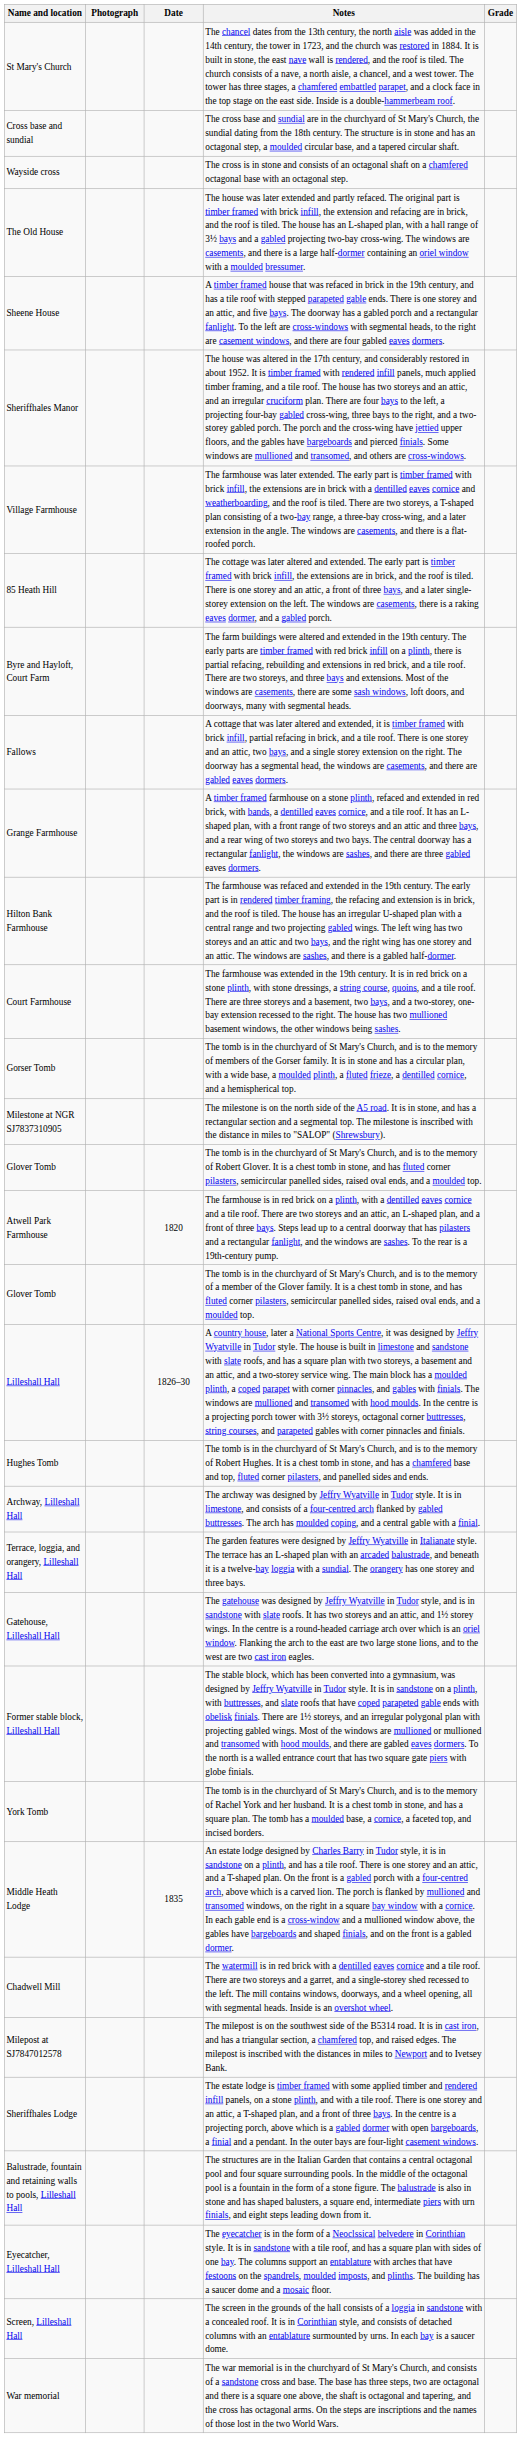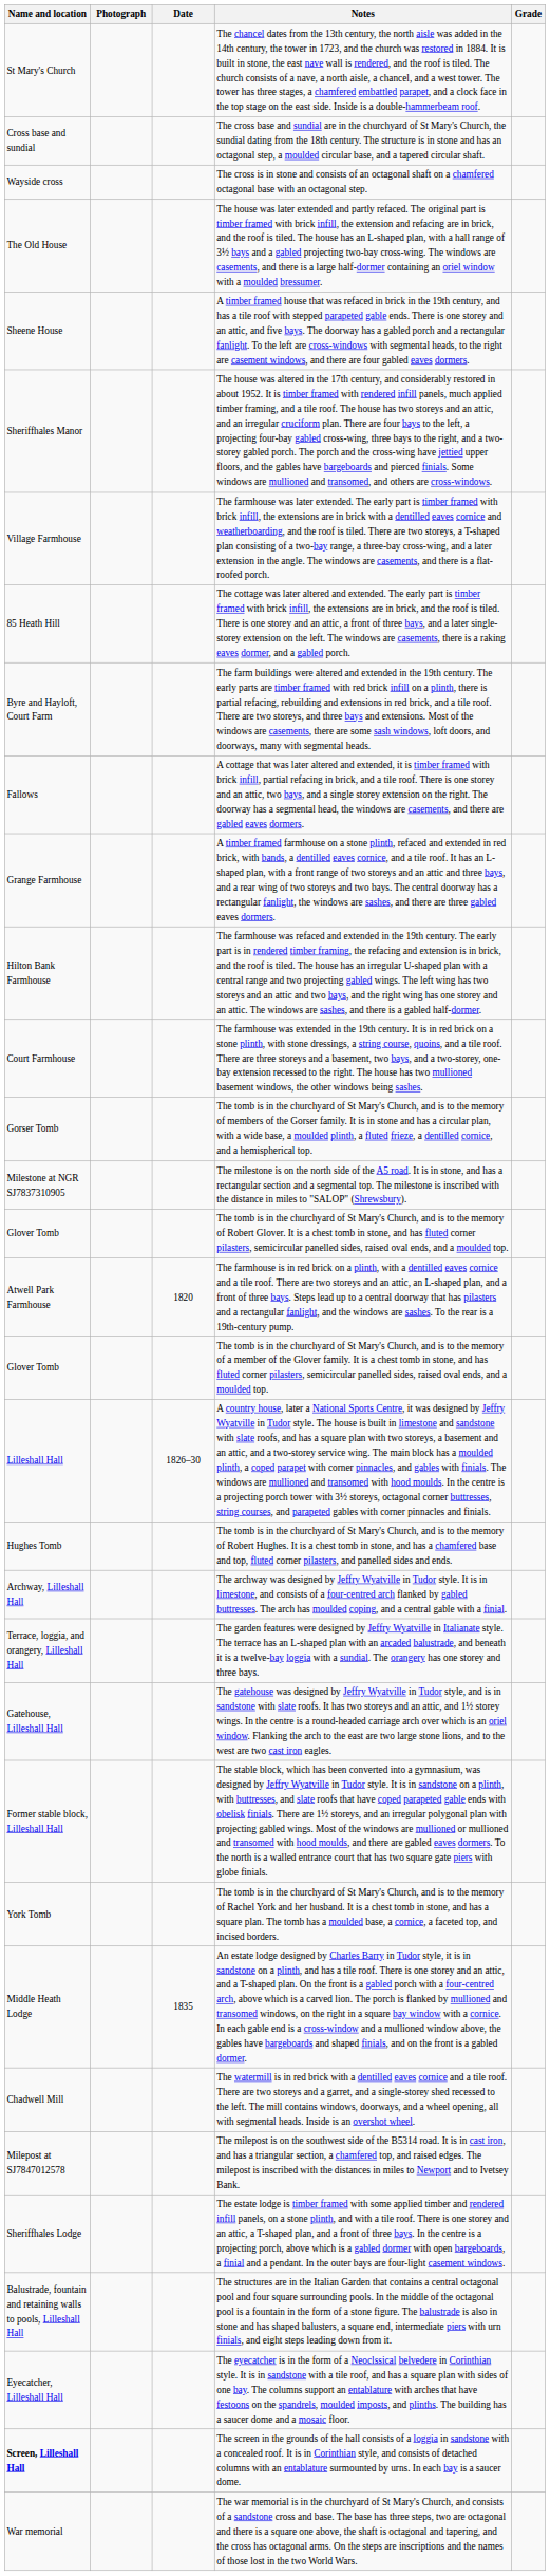 <table class="wikitable sortable plainrowheaders" style="width:100%; border:0; text-align:left; line-height:150%;">
 <tr>
 <th scope="col"  style="width:150px">Name and location</th>
 <th scope="col"  style="width:100px" class="unsortable">Photograph</th>
 <th scope="col"  style="width:120px">Date</th>
 <th scope="col"  style="width:650px" class="unsortable">Notes</th>
 <th scope="col"  style="width:50px">Grade</th>
 </tr>
 <tr>
 <td>St Mary's Church<br><small></small></td>
 <td></td>
 <td align="center"></td>
 <td>The <a href='#'>chancel</a> dates from the 13th century, the north <a href='#'>aisle</a> was added in the 14th century, the tower in 1723, and the church was <a href='#'>restored</a> in 1884. It is built in stone, the east <a href='#'>nave</a> wall is <a href='#'>rendered</a>, and the roof is tiled.  The church consists of a nave, a north aisle, a chancel, and a west tower.  The tower has three stages, a <a href='#'>chamfered</a> <a href='#'>embattled</a> <a href='#'>parapet</a>, and a clock face in the top stage on the east side.  Inside is a double-<a href='#'>hammerbeam roof</a>.</td>
 <td align="center" ></td>
 </tr>
 <tr>
 <td>Cross base and sundial<br><small></small></td>
 <td></td>
 <td align="center"></td>
 <td>The cross base and <a href='#'>sundial</a> are in the churchyard of St Mary's Church, the sundial dating from the 18th century.  The structure is in stone and has an octagonal step, a <a href='#'>moulded</a> circular base, and a tapered circular shaft.</td>
 <td align="center" ></td>
 </tr>
 <tr>
 <td>Wayside cross<br><small></small></td>
 <td></td>
 <td align="center"></td>
 <td>The cross is in stone and consists of an octagonal shaft on a <a href='#'>chamfered</a> octagonal base with an octagonal step.</td>
 <td align="center" ></td>
 </tr>
 <tr>
 <td>The Old House<br><small></small></td>
 <td></td>
 <td align="center"></td>
 <td>The house was later extended and partly refaced.  The original part is <a href='#'>timber framed</a> with brick <a href='#'>infill</a>, the extension and refacing are in brick, and the roof is tiled.  The house has an L-shaped plan, with a hall range of 3½ <a href='#'>bays</a> and a <a href='#'>gabled</a> projecting two-bay cross-wing.  The windows are <a href='#'>casements</a>, and there is a large half-<a href='#'>dormer</a> containing an <a href='#'>oriel window</a> with a <a href='#'>moulded</a> <a href='#'>bressumer</a>.</td>
 <td align="center" ></td>
 </tr>
 <tr>
 <td>Sheene House<br><small></small></td>
 <td></td>
 <td align="center"></td>
 <td>A <a href='#'>timber framed</a> house that was refaced in brick in the 19th century, and has a tile roof with stepped <a href='#'>parapeted</a> <a href='#'>gable</a> ends.  There is one storey and an attic, and five <a href='#'>bays</a>.  The doorway has a gabled porch and a rectangular <a href='#'>fanlight</a>.  To the left are <a href='#'>cross-windows</a> with segmental heads, to the right are <a href='#'>casement windows</a>, and there are four gabled <a href='#'>eaves</a> <a href='#'>dormers</a>.</td>
 <td align="center" ></td>
 </tr>
 <tr>
 <td>Sheriffhales Manor<br><small></small></td>
 <td></td>
 <td align="center"></td>
 <td>The house was altered in the 17th century, and considerably restored in about 1952.  It is <a href='#'>timber framed</a> with <a href='#'>rendered</a> <a href='#'>infill</a> panels, much applied timber framing, and a tile roof.  The house has two storeys and an attic, and an irregular <a href='#'>cruciform</a> plan.  There are four <a href='#'>bays</a> to the left, a projecting four-bay <a href='#'>gabled</a> cross-wing, three bays to the right, and a two-storey gabled porch.  The porch and the cross-wing have <a href='#'>jettied</a> upper floors, and the gables have <a href='#'>bargeboards</a> and pierced <a href='#'>finials</a>.  Some windows are <a href='#'>mullioned</a> and <a href='#'>transomed</a>, and others are <a href='#'>cross-windows</a>.</td>
 <td align="center" ></td>
 </tr>
 <tr>
 <td>Village Farmhouse<br><small></small></td>
 <td></td>
 <td align="center"></td>
 <td>The farmhouse was later extended.  The early part is <a href='#'>timber framed</a> with brick <a href='#'>infill</a>, the extensions are in brick with a <a href='#'>dentilled</a> <a href='#'>eaves</a> <a href='#'>cornice</a> and <a href='#'>weatherboarding</a>, and the roof is tiled.  There are two storeys, a T-shaped plan consisting of a two-<a href='#'>bay</a> range, a three-bay cross-wing, and a later extension in the angle.  The windows are <a href='#'>casements</a>, and there is a flat-roofed porch.</td>
 <td align="center" ></td>
 </tr>
 <tr>
 <td>85 Heath Hill<br><small></small></td>
 <td></td>
 <td align="center"></td>
 <td>The cottage was later altered and extended.  The early part is <a href='#'>timber framed</a> with brick <a href='#'>infill</a>, the extensions are in brick, and the roof is tiled.  There is one storey and an attic, a front of three <a href='#'>bays</a>, and a later single-storey extension on the left.  The windows are <a href='#'>casements</a>, there is a raking <a href='#'>eaves</a> <a href='#'>dormer</a>, and a <a href='#'>gabled</a> porch.</td>
 <td align="center" ></td>
 </tr>
 <tr>
 <td>Byre and Hayloft, Court Farm<br><small></small></td>
 <td></td>
 <td align="center"></td>
 <td>The farm buildings were altered and extended in the 19th century.  The early parts are <a href='#'>timber framed</a> with red brick <a href='#'>infill</a> on a <a href='#'>plinth</a>, there is partial refacing, rebuilding and extensions in red brick, and a tile roof.  There are two storeys, and three <a href='#'>bays</a> and extensions.  Most of the windows are <a href='#'>casements</a>, there are some <a href='#'>sash windows</a>, loft doors, and doorways, many with segmental heads.</td>
 <td align="center" ></td>
 </tr>
 <tr>
 <td>Fallows<br><small></small></td>
 <td></td>
 <td align="center"></td>
 <td>A cottage that was later altered and extended, it is <a href='#'>timber framed</a> with brick <a href='#'>infill</a>, partial refacing in brick, and a tile roof.  There is one storey and an attic, two <a href='#'>bays</a>, and a single storey extension on the right.  The doorway has a segmental head, the windows are <a href='#'>casements</a>, and there are <a href='#'>gabled</a> <a href='#'>eaves</a> <a href='#'>dormers</a>.</td>
 <td align="center" ></td>
 </tr>
 <tr>
 <td>Grange Farmhouse<br><small></small></td>
 <td></td>
 <td align="center"></td>
 <td>A <a href='#'>timber framed</a> farmhouse on a stone <a href='#'>plinth</a>, refaced and extended in red brick, with <a href='#'>bands</a>, a <a href='#'>dentilled</a> <a href='#'>eaves</a> <a href='#'>cornice</a>, and a tile roof.  It has an L-shaped plan, with a front range of two storeys and an attic and three <a href='#'>bays</a>, and a rear wing of two storeys and two bays.  The central doorway has a rectangular <a href='#'>fanlight</a>, the windows are <a href='#'>sashes</a>, and there are three <a href='#'>gabled</a> eaves <a href='#'>dormers</a>.</td>
 <td align="center" ></td>
 </tr>
 <tr>
 <td>Hilton Bank Farmhouse<br><small></small></td>
 <td></td>
 <td align="center"></td>
 <td>The farmhouse was refaced and extended in the 19th century.  The early part is in <a href='#'>rendered</a> <a href='#'>timber framing</a>, the refacing and extension is in brick, and the roof is tiled.  The house has an irregular U-shaped plan with a central range and two projecting <a href='#'>gabled</a> wings.  The left wing has two storeys and an attic and two <a href='#'>bays</a>, and the right wing has one storey and an attic.  The windows are <a href='#'>sashes</a>, and there is a gabled half-<a href='#'>dormer</a>.</td>
 <td align="center" ></td>
 </tr>
 <tr>
 <td>Court Farmhouse<br><small></small></td>
 <td></td>
 <td align="center"></td>
 <td>The farmhouse was extended in the 19th century.  It is in red brick on a stone <a href='#'>plinth</a>, with stone dressings, a <a href='#'>string course</a>, <a href='#'>quoins</a>, and a tile roof.  There are three storeys and a basement, two <a href='#'>bays</a>, and a two-storey, one-bay extension recessed to the right.  The house has two <a href='#'>mullioned</a> basement windows, the other windows being <a href='#'>sashes</a>.</td>
 <td align="center" ></td>
 </tr>
 <tr>
 <td>Gorser Tomb<br><small></small></td>
 <td></td>
 <td align="center"></td>
 <td>The tomb is in the churchyard of St Mary's Church, and is to the memory of members of the Gorser family.  It is in stone and has a circular plan, with a wide base,  a <a href='#'>moulded</a> <a href='#'>plinth</a>, a <a href='#'>fluted</a> <a href='#'>frieze</a>, a <a href='#'>dentilled</a> <a href='#'>cornice</a>, and a hemispherical top.</td>
 <td align="center" ></td>
 </tr>
 <tr>
 <td>Milestone at NGR SJ7837310905<br><small></small></td>
 <td></td>
 <td align="center"></td>
 <td>The milestone is on the north side of the <a href='#'>A5 road</a>.  It is in stone, and has a rectangular section and a segmental top.  The milestone is inscribed with the distance in miles to "SALOP" (<a href='#'>Shrewsbury</a>).</td>
 <td align="center" ></td>
 </tr>
 <tr>
 <td>Glover Tomb<br><small></small></td>
 <td></td>
 <td align="center"></td>
 <td>The tomb is in the churchyard of St Mary's Church, and is to the memory of Robert Glover.  It is a chest tomb in stone, and has <a href='#'>fluted</a> corner <a href='#'>pilasters</a>, semicircular panelled sides, raised oval ends, and a <a href='#'>moulded</a> top.</td>
 <td align="center" ></td>
 </tr>
 <tr>
 <td>Atwell Park Farmhouse<br><small></small></td>
 <td></td>
 <td align="center">1820</td>
 <td>The farmhouse is in red brick on a <a href='#'>plinth</a>, with a <a href='#'>dentilled</a> <a href='#'>eaves</a> <a href='#'>cornice</a> and a tile roof.  There are two storeys and an attic, an L-shaped plan, and a front of three <a href='#'>bays</a>.  Steps lead up to a central doorway that has <a href='#'>pilasters</a> and a rectangular <a href='#'>fanlight</a>, and the windows are <a href='#'>sashes</a>.  To the rear is a 19th-century pump.</td>
 <td align="center" ></td>
 </tr>
 <tr>
 <td>Glover Tomb<br><small></small></td>
 <td></td>
 <td align="center"></td>
 <td>The tomb is in the churchyard of St Mary's Church, and is to the memory of a member of the Glover family.  It is a chest tomb in stone, and has <a href='#'>fluted</a> corner <a href='#'>pilasters</a>, semicircular panelled sides, raised oval ends, and a <a href='#'>moulded</a> top.</td>
 <td align="center" ></td>
 </tr>
 <tr>
 <td><a href='#'>Lilleshall Hall</a><br><small></small></td>
 <td></td>
 <td align="center">1826–30</td>
 <td>A <a href='#'>country house</a>, later a <a href='#'>National Sports Centre</a>, it was designed by <a href='#'>Jeffry Wyatville</a> in <a href='#'>Tudor</a> style.  The house is built in <a href='#'>limestone</a> and <a href='#'>sandstone</a> with <a href='#'>slate</a> roofs, and has a square plan with two storeys, a basement and an attic, and a two-storey service wing.  The main block has a <a href='#'>moulded</a> <a href='#'>plinth</a>, a <a href='#'>coped</a> <a href='#'>parapet</a> with corner <a href='#'>pinnacles</a>, and <a href='#'>gables</a> with <a href='#'>finials</a>.  The windows are <a href='#'>mullioned</a> and <a href='#'>transomed</a> with <a href='#'>hood moulds</a>.  In the centre is a projecting porch tower with 3½ storeys, octagonal corner <a href='#'>buttresses</a>, <a href='#'>string courses</a>, and <a href='#'>parapeted</a> gables with corner pinnacles and finials.</td>
 <td align="center" ></td>
 </tr>
 <tr>
 <td>Hughes Tomb<br><small></small></td>
 <td></td>
 <td align="center"></td>
 <td>The tomb is in the churchyard of St Mary's Church, and is to the memory of Robert Hughes.  It is a chest tomb in stone, and has a <a href='#'>chamfered</a> base and top, <a href='#'>fluted</a> corner <a href='#'>pilasters</a>, and panelled sides and ends.</td>
 <td align="center" ></td>
 </tr>
 <tr>
 <td>Archway, <a href='#'>Lilleshall Hall</a><br><small></small></td>
 <td></td>
 <td align="center"></td>
 <td>The archway was designed by <a href='#'>Jeffry Wyatville</a> in <a href='#'>Tudor</a> style.  It is in <a href='#'>limestone</a>, and consists of a <a href='#'>four-centred arch</a> flanked by <a href='#'>gabled</a> <a href='#'>buttresses</a>.  The arch has <a href='#'>moulded</a> <a href='#'>coping</a>, and a central gable with a <a href='#'>finial</a>.</td>
 <td align="center" ></td>
 </tr>
 <tr>
 <td>Terrace, loggia, and orangery, <a href='#'>Lilleshall Hall</a><br><small></small></td>
 <td></td>
 <td align="center"></td>
 <td>The garden features were designed by <a href='#'>Jeffry Wyatville</a> in <a href='#'>Italianate</a> style.  The terrace has an L-shaped plan with an <a href='#'>arcaded</a> <a href='#'>balustrade</a>, and beneath it is a twelve-<a href='#'>bay</a> <a href='#'>loggia</a> with a <a href='#'>sundial</a>.  The <a href='#'>orangery</a> has one storey and three bays.</td>
 <td align="center" ></td>
 </tr>
 <tr>
 <td>Gatehouse, <a href='#'>Lilleshall Hall</a><br><small></small></td>
 <td></td>
 <td align="center"></td>
 <td>The <a href='#'>gatehouse</a> was designed by <a href='#'>Jeffry Wyatville</a> in <a href='#'>Tudor</a> style, and is in <a href='#'>sandstone</a> with <a href='#'>slate</a> roofs.  It has two storeys and an attic, and 1½ storey wings.  In the centre is a round-headed carriage arch over which is an <a href='#'>oriel window</a>.  Flanking the arch to the east are two large stone lions, and to the west are two <a href='#'>cast iron</a> eagles.</td>
 <td align="center" ></td>
 </tr>
 <tr>
 <td>Former stable block, <a href='#'>Lilleshall Hall</a><br><small></small></td>
 <td></td>
 <td align="center"></td>
 <td>The stable block, which has been converted into a gymnasium, was designed by <a href='#'>Jeffry Wyatville</a> in <a href='#'>Tudor</a> style.  It is in <a href='#'>sandstone</a> on a <a href='#'>plinth</a>, with <a href='#'>buttresses</a>, and <a href='#'>slate</a> roofs that have <a href='#'>coped</a> <a href='#'>parapeted</a> <a href='#'>gable</a> ends with <a href='#'>obelisk</a> <a href='#'>finials</a>.  There are 1½ storeys, and an irregular polygonal plan with projecting gabled wings.  Most of the windows are <a href='#'>mullioned</a> or mullioned and <a href='#'>transomed</a> with <a href='#'>hood moulds</a>, and there are gabled <a href='#'>eaves</a> <a href='#'>dormers</a>.  To the north is a walled entrance court that has two square gate <a href='#'>piers</a> with globe finials.</td>
 <td align="center" ></td>
 </tr>
 <tr>
 <td>York Tomb<br><small></small></td>
 <td></td>
 <td align="center"></td>
 <td>The tomb is in the churchyard of St Mary's Church, and is to the memory of Rachel York and her husband.  It is a chest tomb in stone, and has a square plan.  The tomb has a <a href='#'>moulded</a> base, a <a href='#'>cornice</a>, a faceted top, and incised borders.</td>
 <td align="center" ></td>
 </tr>
 <tr>
 <td>Middle Heath Lodge<br><small></small></td>
 <td></td>
 <td align="center">1835</td>
 <td>An estate lodge designed by <a href='#'>Charles Barry</a> in <a href='#'>Tudor</a> style, it is in <a href='#'>sandstone</a> on a <a href='#'>plinth</a>, and has a tile roof.  There is one storey and an attic, and a T-shaped plan.  On the front is a <a href='#'>gabled</a> porch with a <a href='#'>four-centred arch</a>, above which is a carved lion.  The porch is flanked by <a href='#'>mullioned</a> and <a href='#'>transomed</a> windows, on the right in a square <a href='#'>bay window</a> with a <a href='#'>cornice</a>.  In each gable end is a <a href='#'>cross-window</a> and a mullioned window above, the gables have <a href='#'>bargeboards</a> and shaped <a href='#'>finials</a>, and on the front is a gabled <a href='#'>dormer</a>.</td>
 <td align="center" ></td>
 </tr>
 <tr>
 <td>Chadwell Mill<br><small></small></td>
 <td></td>
 <td align="center"></td>
 <td>The <a href='#'>watermill</a> is in red brick with a <a href='#'>dentilled</a> <a href='#'>eaves</a> <a href='#'>cornice</a> and a tile roof.  There are two storeys and a garret, and a single-storey shed recessed to the left.  The mill contains windows, doorways, and a wheel opening, all with segmental heads.  Inside is an <a href='#'>overshot wheel</a>.</td>
 <td align="center" ></td>
 </tr>
 <tr>
 <td>Milepost at SJ7847012578<br><small></small></td>
 <td></td>
 <td align="center"></td>
 <td>The milepost is on the southwest side of the B5314 road.  It is in <a href='#'>cast iron</a>, and has a triangular section, a <a href='#'>chamfered</a> top, and raised edges.  The milepost is inscribed with the distances in miles to <a href='#'>Newport</a> and to Ivetsey Bank.</td>
 <td align="center" ></td>
 </tr>
 <tr>
 <td>Sheriffhales Lodge<br><small></small></td>
 <td></td>
 <td align="center"></td>
 <td>The estate lodge is <a href='#'>timber framed</a> with some applied timber and <a href='#'>rendered</a> <a href='#'>infill</a> panels, on a stone <a href='#'>plinth</a>, and with a tile roof.  There is one storey and an attic, a T-shaped plan, and a front of three <a href='#'>bays</a>.  In the centre is a projecting porch, above which is a <a href='#'>gabled</a> <a href='#'>dormer</a> with open <a href='#'>bargeboards</a>, a <a href='#'>finial</a> and a pendant.  In the outer bays are four-light <a href='#'>casement windows</a>.</td>
 <td align="center" ></td>
 </tr>
 <tr>
 <td>Balustrade, fountain and retaining walls to pools, <a href='#'>Lilleshall Hall</a><br><small></small></td>
 <td></td>
 <td align="center"></td>
 <td>The structures are in the Italian Garden that contains a central octagonal pool and four square surrounding pools.  In the middle of the octagonal pool is a fountain in the form of a stone figure.  The <a href='#'>balustrade</a> is also in stone and has shaped balusters, a square end, intermediate <a href='#'>piers</a> with urn <a href='#'>finials</a>, and eight steps leading down from it.</td>
 <td align="center" ></td>
 </tr>
 <tr>
 <td>Eyecatcher, <a href='#'>Lilleshall Hall</a><br><small></small></td>
 <td></td>
 <td align="center"></td>
 <td>The <a href='#'>eyecatcher</a> is in the form of a <a href='#'>Neoclssical</a> <a href='#'>belvedere</a> in <a href='#'>Corinthian</a> style.  It is in <a href='#'>sandstone</a> with a tile roof, and has a square plan with sides of one <a href='#'>bay</a>.  The columns support an <a href='#'>entablature</a> with arches that have <a href='#'>festoons</a> on the <a href='#'>spandrels</a>, <a href='#'>moulded</a> <a href='#'>imposts</a>, and <a href='#'>plinths</a>.  The building has a saucer dome and a <a href='#'>mosaic</a> floor.</td>
 <td align="center" ></td>
 </tr>
 <tr>
-<td>Screen, <a href='#'>Lilleshall Hall</a><br><small></small></td>
+<td><strong>Screen, <a href='#'>Lilleshall Hall</a><br><small></small></strong></td>
 <td></td>
 <td align="center"></td>
 <td>The screen in the grounds of the hall consists of a <a href='#'>loggia</a> in <a href='#'>sandstone</a> with a concealed roof.  It is in <a href='#'>Corinthian</a> style, and consists of detached columns with an <a href='#'>entablature</a> surmounted by urns.  In each <a href='#'>bay</a> is a saucer dome.</td>
 <td align="center" ></td>
 </tr>
 <tr>
 <td>War memorial<br><small></small></td>
 <td></td>
 <td align="center"></td>
 <td>The war memorial is in the churchyard of St Mary's Church, and consists of a <a href='#'>sandstone</a> cross and base.  The base has three steps, two are octagonal and there is  a square one above, the shaft is octagonal and tapering, and the cross has octagonal arms.  On the steps are inscriptions and the names of those lost in the two World Wars.</td>
 <td align="center" ></td>
 </tr>
 <tr>
 </tr>
 </table>
